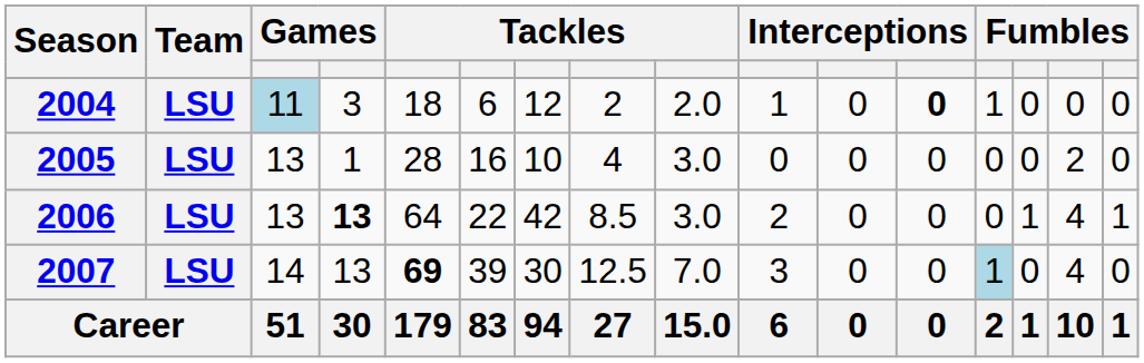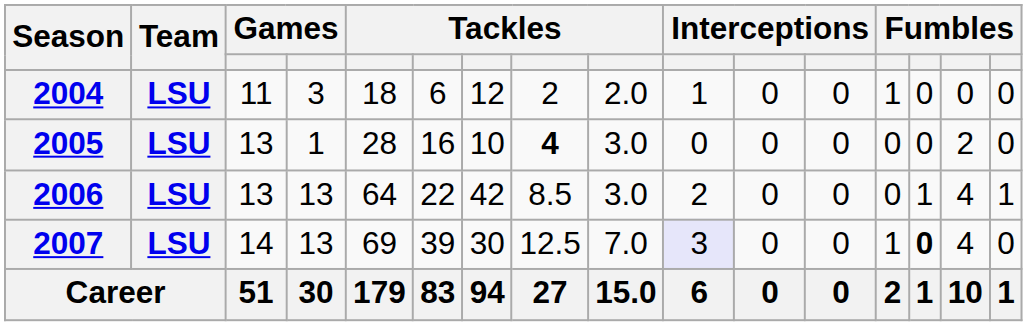 <table class="wikitable" style="text-align: center;">
 <tr>
 <th rowspan="2">Season</th>
 <th rowspan="2">Team</th>
 <th colspan="2">Games</th>
 <th colspan="5">Tackles</th>
 <th colspan="3">Interceptions</th>
 <th colspan="4">Fumbles</th>
 </tr>
 <tr>
 <th></th>
 <th></th>
 <th></th>
 <th></th>
 <th></th>
 <th></th>
 <th></th>
 <th></th>
 <th></th>
 <th></th>
 <th></th>
 <th></th>
 <th></th>
 <th></th>
 </tr>
 <tr>
 <th><a href='#'>2004</a></th>
 <th><a href='#'>LSU</a></th>
-<td style="background: lightblue;">11</td>
+<td>11</td>
 <td>3</td>
 <td>18</td>
 <td>6</td>
 <td>12</td>
 <td>2</td>
 <td>2.0</td>
 <td>1</td>
 <td>0</td>
-<td><strong>0</strong></td>
+<td>0</td>
 <td>1</td>
 <td>0</td>
 <td>0</td>
 <td>0</td>
 </tr>
 <tr>
 <th><a href='#'>2005</a></th>
 <th><a href='#'>LSU</a></th>
 <td>13</td>
 <td>1</td>
 <td>28</td>
 <td>16</td>
 <td>10</td>
-<td>4</td>
+<td><strong>4</strong></td>
 <td>3.0</td>
 <td>0</td>
 <td>0</td>
 <td>0</td>
 <td>0</td>
 <td>0</td>
 <td>2</td>
 <td>0</td>
 </tr>
 <tr>
 <th><a href='#'>2006</a></th>
 <th><a href='#'>LSU</a></th>
 <td>13</td>
-<td><strong>13</strong></td>
+<td>13</td>
 <td>64</td>
 <td>22</td>
 <td>42</td>
 <td>8.5</td>
 <td>3.0</td>
 <td>2</td>
 <td>0</td>
 <td>0</td>
 <td>0</td>
 <td>1</td>
 <td>4</td>
 <td>1</td>
 </tr>
 <tr>
 <th><a href='#'>2007</a></th>
 <th><a href='#'>LSU</a></th>
 <td>14</td>
 <td>13</td>
-<td><strong>69</strong></td>
+<td>69</td>
 <td>39</td>
 <td>30</td>
 <td>12.5</td>
 <td>7.0</td>
-<td>3</td>
+<td style="background: lavender;">3</td>
 <td>0</td>
 <td>0</td>
-<td style="background: lightblue;">1</td>
-<td>0</td>
+<td>1</td>
+<td><strong>0</strong></td>
 <td>4</td>
 <td>0</td>
 </tr>
 <tr>
 <th colspan="2">Career</th>
 <th>51</th>
 <th>30</th>
 <th>179</th>
 <th>83</th>
 <th>94</th>
 <th>27</th>
 <th>15.0</th>
 <th>6</th>
 <th>0</th>
 <th>0</th>
 <th>2</th>
 <th>1</th>
 <th>10</th>
 <th>1</th>
 </tr>
 </table>
